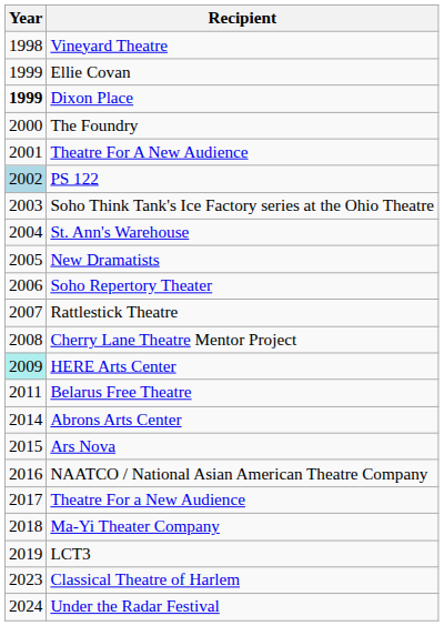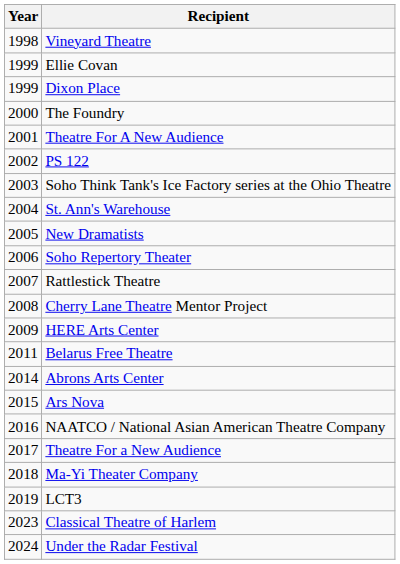 <table class="wikitable">
 <tr>
 <th>Year</th>
 <th>Recipient</th>
 </tr>
 <tr>
 <td>1998</td>
 <td><a href='#'>Vineyard Theatre</a></td>
 </tr>
 <tr>
 <td>1999</td>
 <td>Ellie Covan</td>
 </tr>
 <tr>
-<td><strong>1999</strong></td>
+<td>1999</td>
 <td><a href='#'>Dixon Place</a></td>
 </tr>
 <tr>
 <td>2000</td>
 <td>The Foundry</td>
 </tr>
 <tr>
 <td>2001</td>
 <td><a href='#'>Theatre For A New Audience</a></td>
 </tr>
 <tr>
-<td style="background: lightblue;">2002</td>
+<td>2002</td>
 <td><a href='#'>PS 122</a></td>
 </tr>
 <tr>
 <td>2003</td>
 <td>Soho Think Tank's Ice Factory series at the Ohio Theatre</td>
 </tr>
 <tr>
 <td>2004</td>
 <td><a href='#'>St. Ann's Warehouse</a></td>
 </tr>
 <tr>
 <td>2005</td>
 <td><a href='#'>New Dramatists</a></td>
 </tr>
 <tr>
 <td>2006</td>
 <td><a href='#'>Soho Repertory Theater</a></td>
 </tr>
 <tr>
 <td>2007</td>
 <td>Rattlestick Theatre</td>
 </tr>
 <tr>
 <td>2008</td>
 <td><a href='#'>Cherry Lane Theatre</a> Mentor Project</td>
 </tr>
 <tr>
-<td style="background: paleturquoise;">2009</td>
+<td>2009</td>
 <td><a href='#'>HERE Arts Center</a></td>
 </tr>
 <tr>
 <td>2011</td>
 <td><a href='#'>Belarus Free Theatre</a></td>
 </tr>
 <tr>
 <td>2014</td>
 <td><a href='#'>Abrons Arts Center</a></td>
 </tr>
 <tr>
 <td>2015</td>
 <td><a href='#'>Ars Nova</a></td>
 </tr>
 <tr>
 <td>2016</td>
 <td>NAATCO / National Asian American Theatre Company</td>
 </tr>
 <tr>
 <td>2017</td>
 <td><a href='#'>Theatre For a New Audience</a></td>
 </tr>
 <tr>
 <td>2018</td>
 <td><a href='#'>Ma-Yi Theater Company</a></td>
 </tr>
 <tr>
 <td>2019</td>
 <td>LCT3</td>
 </tr>
 <tr>
 <td>2023</td>
 <td><a href='#'>Classical Theatre of Harlem</a></td>
 </tr>
 <tr>
 <td>2024</td>
 <td><a href='#'>Under the Radar Festival</a></td>
 </tr>
 </table>
